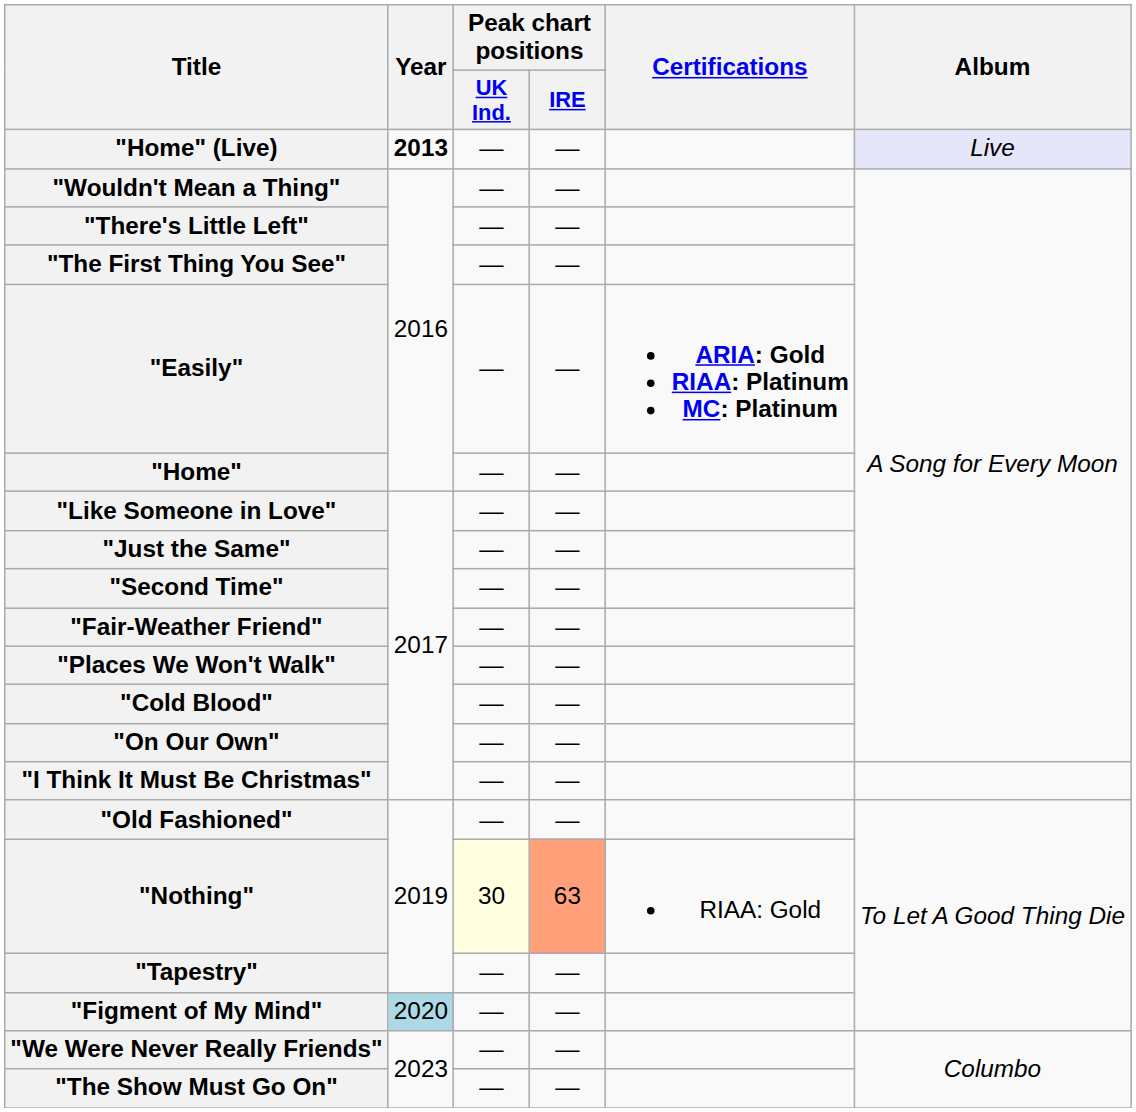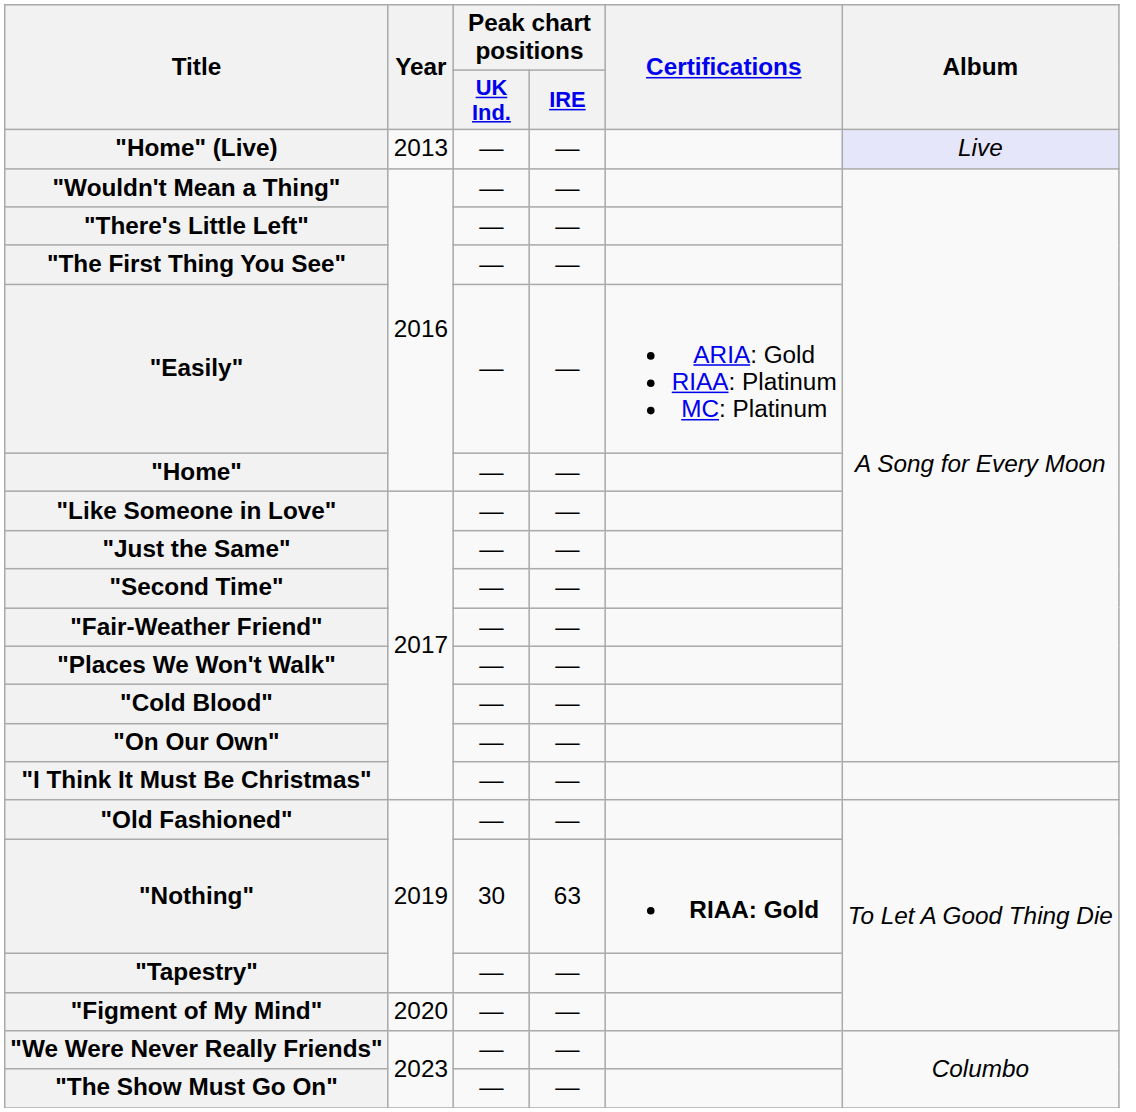 <table class="wikitable plainrowheaders" style="text-align:center;">
 <tr>
 <th scope="col" rowspan="2">Title</th>
 <th scope="col" rowspan="2">Year</th>
 <th colspan="2" scope="col">Peak chart positions</th>
 <th scope="col" rowspan="2"><a href='#'>Certifications</a></th>
 <th scope="col" rowspan="2">Album</th>
 </tr>
 <tr>
 <th scope="col" style="width:3em;font-size:90%;"><a href='#'>UK<br>Ind.</a><br></th>
 <th scope="col" style="width:3em;font-size:90%;"><a href='#'>IRE</a><br></th>
 </tr>
 <tr>
 <th scope="row">"Home" (Live)</th>
-<td><strong>2013</strong></td>
+<td>2013</td>
 <td>—</td>
 <td>—</td>
 <td></td>
 <td style="background: lavender;"><em>Live</em></td>
 </tr>
 <tr>
 <th scope="row">"Wouldn't Mean a Thing"</th>
 <td rowspan="5">2016</td>
 <td>—</td>
 <td>—</td>
 <td></td>
 <td rowspan="12"><em>A Song for Every Moon</em></td>
 </tr>
 <tr>
 <th scope="row">"There's Little Left"</th>
 <td>—</td>
 <td>—</td>
 <td></td>
 </tr>
 <tr>
 <th scope="row">"The First Thing You See"</th>
 <td>—</td>
 <td>—</td>
 <td></td>
 </tr>
 <tr>
 <th scope="row">"Easily"</th>
 <td>—</td>
 <td>—</td>
-<td><strong><br><ul><li><a href='#'>ARIA</a>: Gold</li><li><a href='#'>RIAA</a>: Platinum</li><li><a href='#'>MC</a>: Platinum</li></ul></strong></td>
+<td><br><ul><li><a href='#'>ARIA</a>: Gold</li><li><a href='#'>RIAA</a>: Platinum</li><li><a href='#'>MC</a>: Platinum</li></ul></td>
 </tr>
 <tr>
 <th scope="row">"Home"</th>
 <td>—</td>
 <td>—</td>
 <td></td>
 </tr>
 <tr>
 <th scope="row">"Like Someone in Love"</th>
 <td rowspan="8">2017</td>
 <td>—</td>
 <td>—</td>
 <td></td>
 </tr>
 <tr>
 <th scope="row">"Just the Same"</th>
 <td>—</td>
 <td>—</td>
 <td></td>
 </tr>
 <tr>
 <th scope="row">"Second Time"</th>
 <td>—</td>
 <td>—</td>
 <td></td>
 </tr>
 <tr>
 <th scope="row">"Fair-Weather Friend"</th>
 <td>—</td>
 <td>—</td>
 <td></td>
 </tr>
 <tr>
 <th scope="row">"Places We Won't Walk"</th>
 <td>—</td>
 <td>—</td>
 <td></td>
 </tr>
 <tr>
 <th scope="row">"Cold Blood"</th>
 <td>—</td>
 <td>—</td>
 <td></td>
 </tr>
 <tr>
 <th scope="row">"On Our Own"</th>
 <td>—</td>
 <td>—</td>
 <td></td>
 </tr>
 <tr>
 <th scope="row">"I Think It Must Be Christmas"</th>
 <td>—</td>
 <td>—</td>
 <td></td>
 <td></td>
 </tr>
 <tr>
 <th scope="row">"Old Fashioned"</th>
 <td rowspan="3">2019</td>
 <td>—</td>
 <td>—</td>
 <td></td>
 <td rowspan="4"><em>To Let A Good Thing Die</em></td>
 </tr>
 <tr>
 <th scope="row">"Nothing"</th>
-<td style="background: lightyellow;">30</td>
-<td style="background: lightsalmon;">63</td>
-<td><br><ul><li>RIAA: Gold</li></ul></td>
+<td>30</td>
+<td>63</td>
+<td><strong><br><ul><li>RIAA: Gold</li></ul></strong></td>
 </tr>
 <tr>
 <th scope="row">"Tapestry"</th>
 <td>—</td>
 <td>—</td>
 <td></td>
 </tr>
 <tr>
 <th scope="row">"Figment of My Mind"</th>
-<td style="background: lightblue;">2020</td>
+<td>2020</td>
 <td>—</td>
 <td>—</td>
 <td></td>
 </tr>
 <tr>
 <th scope="row">"We Were Never Really Friends"</th>
 <td rowspan="2">2023</td>
 <td>—</td>
 <td>—</td>
 <td></td>
 <td rowspan="2"><em>Columbo</em></td>
 </tr>
 <tr>
 <th scope="row">"The Show Must Go On"</th>
 <td>—</td>
 <td>—</td>
 <td></td>
 </tr>
 <tr>
 </tr>
 </table>
